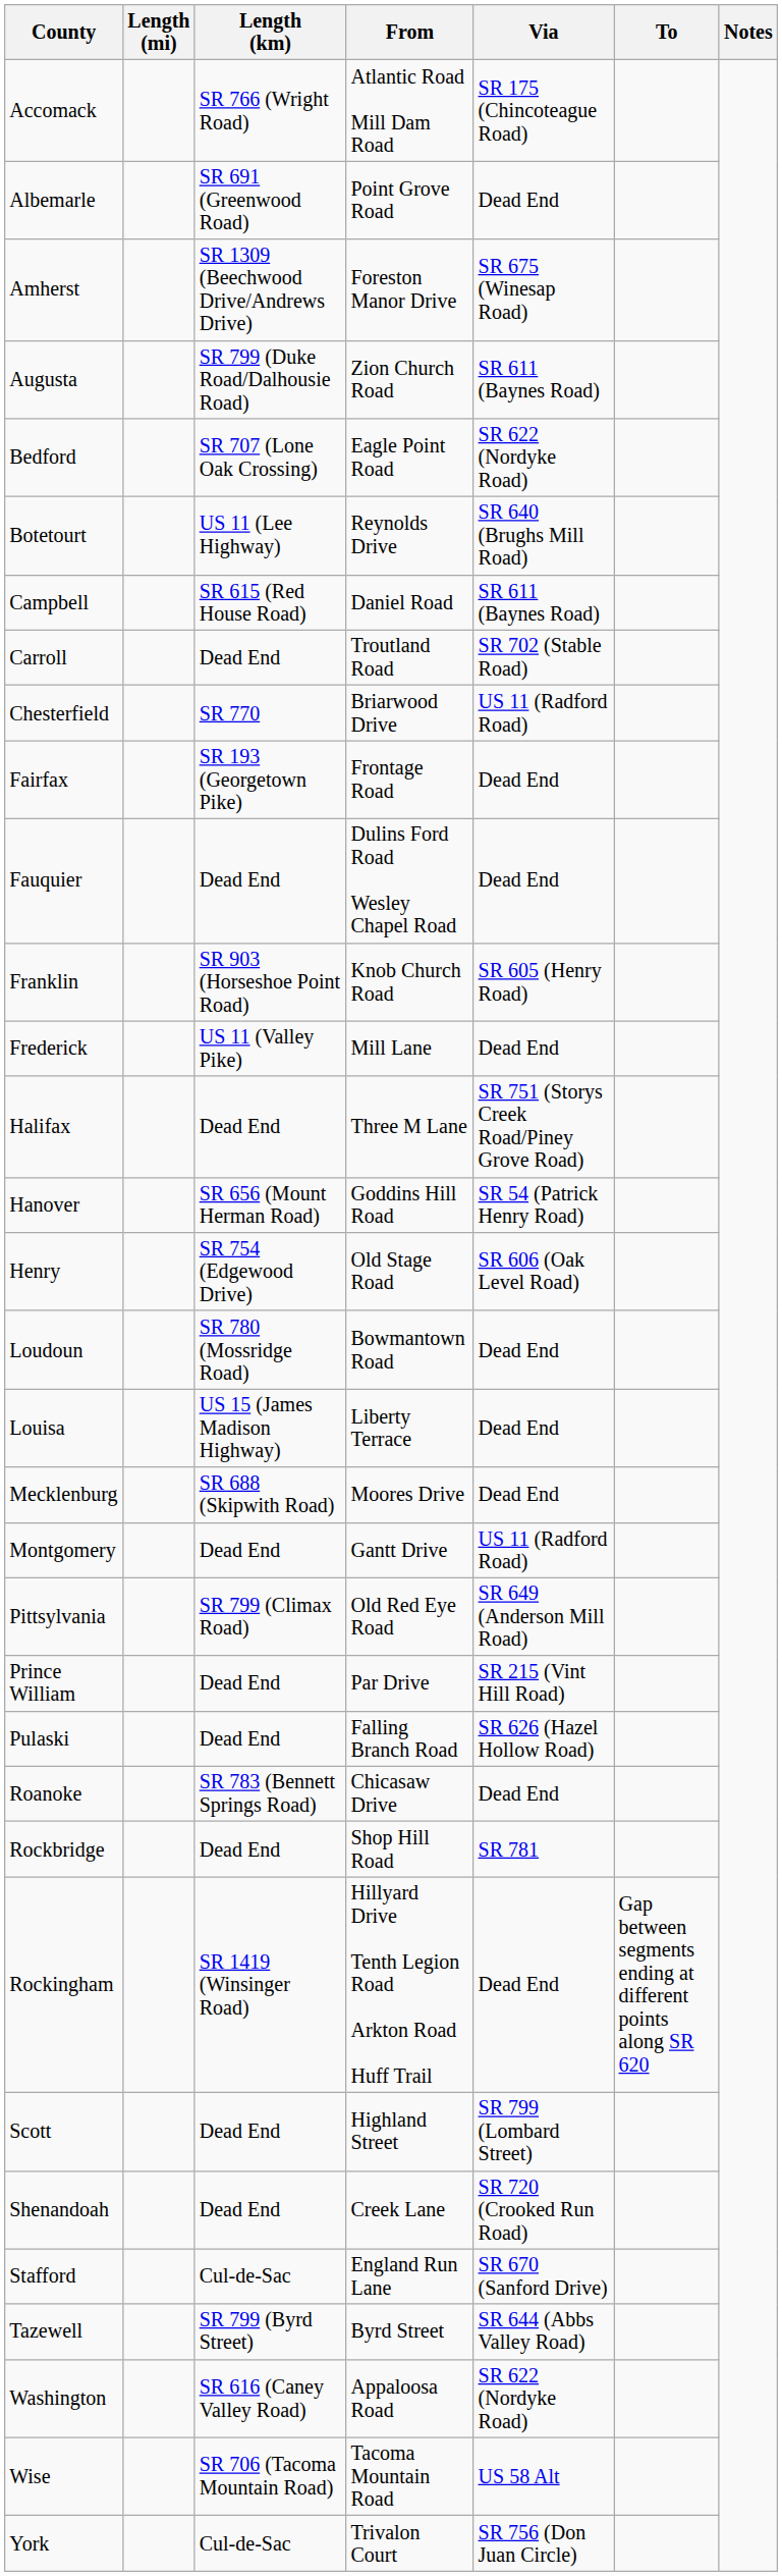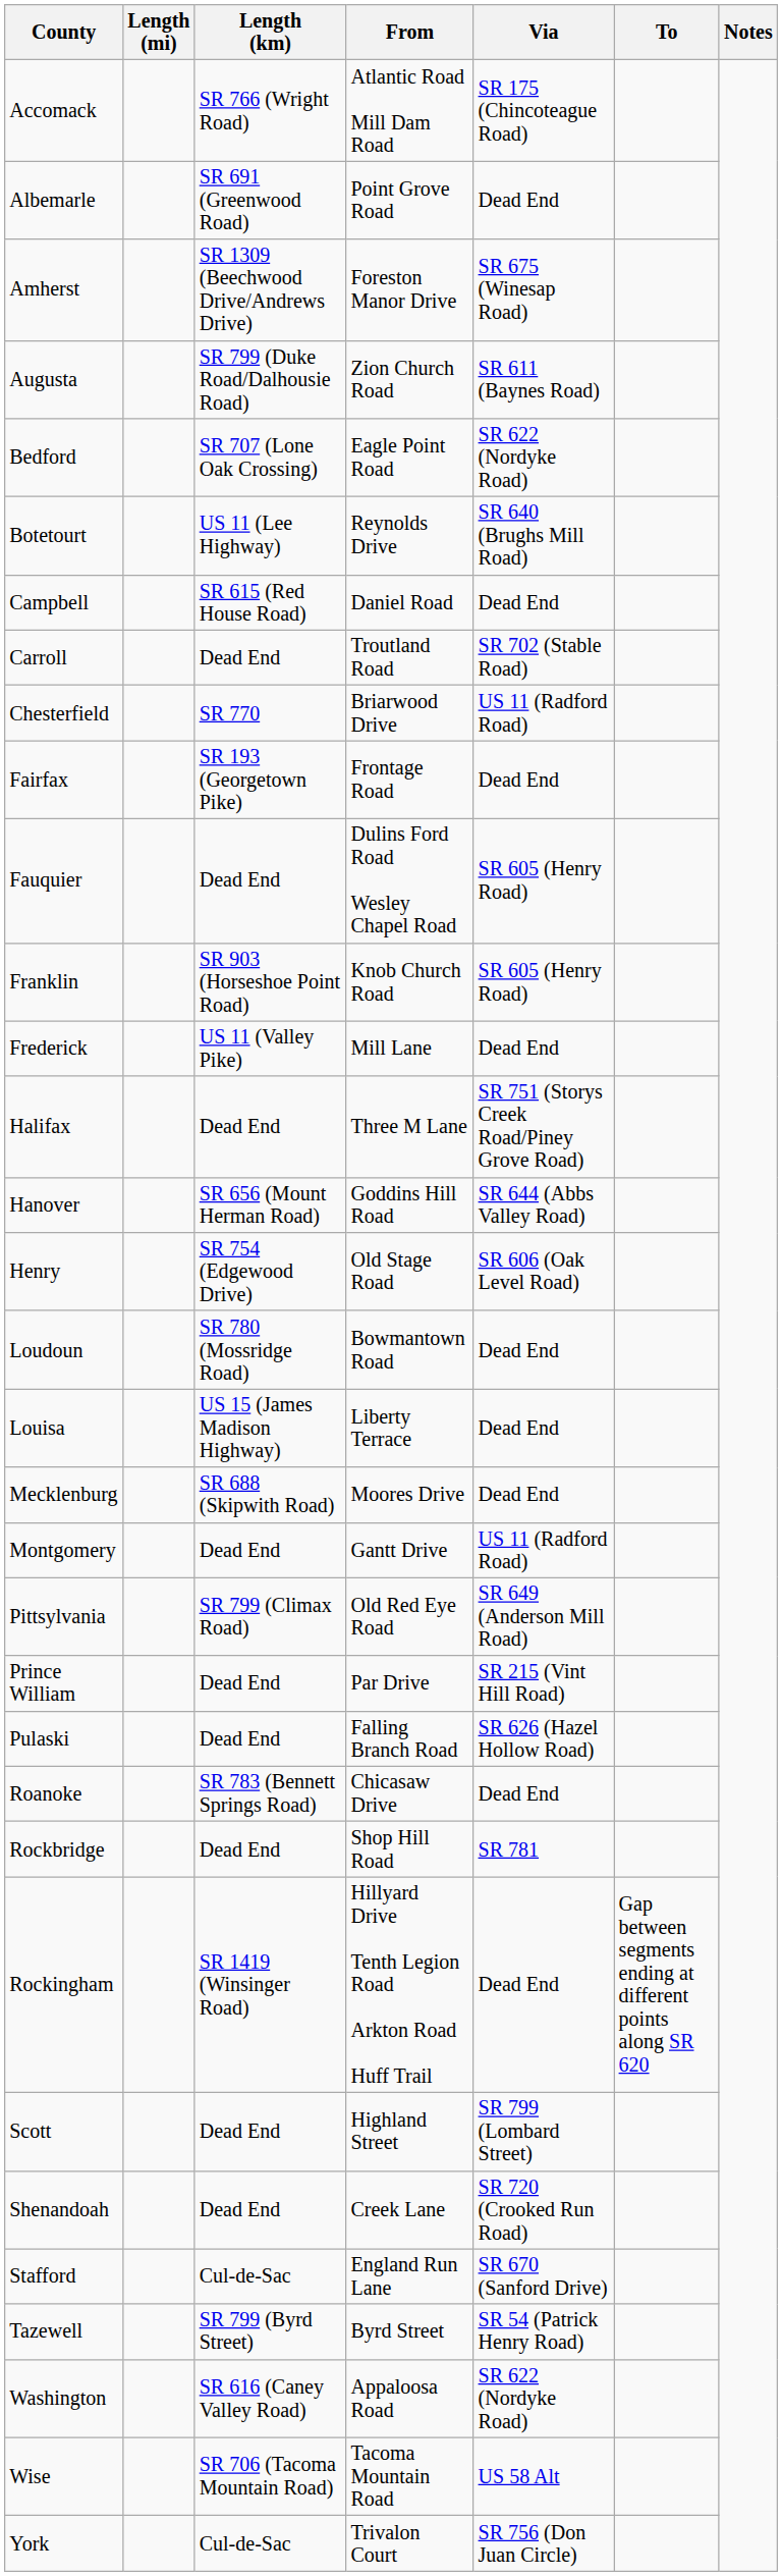 <table class="wikitable sortable">
 <tr>
 <th>County</th>
 <th>Length<br>(mi)</th>
 <th>Length<br>(km)</th>
 <th class="unsortable">From</th>
 <th class="unsortable">Via</th>
 <th class="unsortable">To</th>
 <th class="unsortable">Notes</th>
 </tr>
 <tr>
 <td id="Accomack">Accomack</td>
 <td></td>
 <td><a href='#'>SR 766</a> (Wright Road)</td>
 <td>Atlantic Road<br><br>Mill Dam Road</td>
 <td><a href='#'>SR 175</a> (Chincoteague Road)</td>
 <td></td>
 </tr>
 <tr>
 <td id="Albemarle">Albemarle</td>
 <td></td>
 <td><a href='#'>SR 691</a> (Greenwood Road)</td>
 <td>Point Grove Road</td>
 <td>Dead End</td>
 <td><br> </td>
 </tr>
 <tr>
 <td id="Amherst">Amherst</td>
 <td></td>
 <td><a href='#'>SR 1309</a> (Beechwood Drive/Andrews Drive)</td>
 <td>Foreston Manor Drive</td>
 <td><a href='#'>SR 675</a> (Winesap Road)</td>
 <td><br> </td>
 </tr>
 <tr>
 <td id="Augusta">Augusta</td>
 <td></td>
 <td><a href='#'>SR 799</a> (Duke Road/Dalhousie Road)</td>
 <td>Zion Church Road</td>
 <td><a href='#'>SR 611</a> (Baynes Road)</td>
 <td><br></td>
 </tr>
 <tr>
 <td id="Bedford">Bedford</td>
 <td></td>
 <td><a href='#'>SR 707</a> (Lone Oak Crossing)</td>
 <td>Eagle Point Road</td>
 <td><a href='#'>SR 622</a> (Nordyke Road)</td>
 <td><br></td>
 </tr>
 <tr>
 <td id="Botetourt">Botetourt</td>
 <td></td>
 <td><a href='#'>US 11</a> (Lee Highway)</td>
 <td>Reynolds Drive</td>
 <td><a href='#'>SR 640</a> (Brughs Mill Road)</td>
 <td><br>  </td>
 </tr>
 <tr>
 <td id="Campbell">Campbell</td>
 <td></td>
 <td><a href='#'>SR 615</a> (Red House Road)</td>
 <td>Daniel Road</td>
-<td><a href='#'>SR 611</a> (Baynes Road)</td>
+<td>Dead End</td>
 <td><br></td>
 </tr>
 <tr>
 <td id="Carroll">Carroll</td>
 <td></td>
 <td>Dead End</td>
 <td>Troutland Road</td>
 <td><a href='#'>SR 702</a> (Stable Road)</td>
 <td><br> </td>
 </tr>
 <tr>
 <td id="Chesterfield">Chesterfield</td>
 <td></td>
 <td><a href='#'>SR 770</a></td>
 <td>Briarwood Drive</td>
 <td><a href='#'>US 11</a> (Radford Road)</td>
 <td><br>      </td>
 </tr>
 <tr>
 <td id="Fairfax">Fairfax</td>
 <td></td>
 <td><a href='#'>SR 193</a> (Georgetown Pike)</td>
 <td>Frontage Road</td>
 <td>Dead End</td>
 <td></td>
 </tr>
 <tr>
 <td id="Fauquier">Fauquier</td>
 <td></td>
 <td>Dead End</td>
 <td>Dulins Ford Road<br><br>Wesley Chapel Road</td>
-<td>Dead End</td>
+<td><a href='#'>SR 605</a> (Henry Road)</td>
 <td><br> </td>
 </tr>
 <tr>
 <td id="Franklin">Franklin</td>
 <td></td>
 <td><a href='#'>SR 903</a> (Horseshoe Point Road)</td>
 <td>Knob Church Road</td>
 <td><a href='#'>SR 605</a> (Henry Road)</td>
 <td></td>
 </tr>
 <tr>
 <td id="Frederick">Frederick</td>
 <td></td>
 <td><a href='#'>US 11</a> (Valley Pike)</td>
 <td>Mill Lane</td>
 <td>Dead End</td>
 <td><br>     </td>
 </tr>
 <tr>
 <td id="Halifax">Halifax</td>
 <td></td>
 <td>Dead End</td>
 <td>Three M Lane</td>
 <td><a href='#'>SR 751</a> (Storys Creek Road/Piney Grove Road)</td>
 <td></td>
 </tr>
 <tr>
 <td id="Hanover">Hanover</td>
 <td></td>
 <td><a href='#'>SR 656</a> (Mount Herman Road)</td>
 <td>Goddins Hill Road</td>
-<td><a href='#'>SR 54</a> (Patrick Henry Road)</td>
+<td><a href='#'>SR 644</a> (Abbs Valley Road)</td>
 <td><br></td>
 </tr>
 <tr>
 <td id="Henry">Henry</td>
 <td></td>
 <td><a href='#'>SR 754</a> (Edgewood Drive)</td>
 <td>Old Stage Road</td>
 <td><a href='#'>SR 606</a> (Oak Level Road)</td>
 <td><br>       </td>
 </tr>
 <tr>
 <td id="Loudoun">Loudoun</td>
 <td></td>
 <td><a href='#'>SR 780</a> (Mossridge Road)</td>
 <td>Bowmantown Road</td>
 <td>Dead End</td>
 <td></td>
 </tr>
 <tr>
 <td id="Louisa">Louisa</td>
 <td></td>
 <td><a href='#'>US 15</a> (James Madison Highway)</td>
 <td>Liberty Terrace</td>
 <td>Dead End</td>
 <td><br>  </td>
 </tr>
 <tr>
 <td id="Mecklenburg">Mecklenburg</td>
 <td></td>
 <td><a href='#'>SR 688</a> (Skipwith Road)</td>
 <td>Moores Drive</td>
 <td>Dead End</td>
 <td><br></td>
 </tr>
 <tr>
 <td id="Montgomery">Montgomery</td>
 <td></td>
 <td>Dead End</td>
 <td>Gantt Drive</td>
 <td><a href='#'>US 11</a> (Radford Road)</td>
 <td><br>       </td>
 </tr>
 <tr>
 <td id="Pittsylvania">Pittsylvania</td>
 <td></td>
 <td><a href='#'>SR 799</a> (Climax Road)</td>
 <td>Old Red Eye Road</td>
 <td><a href='#'>SR 649</a> (Anderson Mill Road)</td>
 <td><br>  </td>
 </tr>
 <tr>
 <td id="Prince William">Prince William</td>
 <td></td>
 <td>Dead End</td>
 <td>Par Drive</td>
 <td><a href='#'>SR 215</a> (Vint Hill Road)</td>
 <td></td>
 </tr>
 <tr>
 <td id="Pulaski">Pulaski</td>
 <td></td>
 <td>Dead End</td>
 <td>Falling Branch Road</td>
 <td><a href='#'>SR 626</a> (Hazel Hollow Road)</td>
 <td><br> </td>
 </tr>
 <tr>
 <td id="Roanoke">Roanoke</td>
 <td></td>
 <td><a href='#'>SR 783</a> (Bennett Springs Road)</td>
 <td>Chicasaw Drive</td>
 <td>Dead End</td>
 <td></td>
 </tr>
 <tr>
 <td id="Rockbridge">Rockbridge</td>
 <td></td>
 <td>Dead End</td>
 <td>Shop Hill Road</td>
 <td><a href='#'>SR 781</a></td>
 <td></td>
 </tr>
 <tr>
 <td id="Rockingham">Rockingham</td>
 <td></td>
 <td><a href='#'>SR 1419</a> (Winsinger Road)</td>
 <td>Hillyard Drive<br><br>Tenth Legion Road<br><br>Arkton Road<br><br>Huff Trail</td>
 <td>Dead End</td>
 <td>Gap between segments ending at different points along <a href='#'>SR 620</a><br></td>
 </tr>
 <tr>
 <td id="Scott">Scott</td>
 <td></td>
 <td>Dead End</td>
 <td>Highland Street</td>
 <td><a href='#'>SR 799</a> (Lombard Street)</td>
 <td></td>
 </tr>
 <tr>
 <td id="Shenandoah">Shenandoah</td>
 <td></td>
 <td>Dead End</td>
 <td>Creek Lane</td>
 <td><a href='#'>SR 720</a> (Crooked Run Road)</td>
 <td><br>  </td>
 </tr>
 <tr>
 <td id="Stafford">Stafford</td>
 <td></td>
 <td>Cul-de-Sac</td>
 <td>England Run Lane</td>
 <td><a href='#'>SR 670</a> (Sanford Drive)</td>
 <td><br> </td>
 </tr>
 <tr>
 <td id="Tazewell">Tazewell</td>
 <td></td>
 <td><a href='#'>SR 799</a> (Byrd Street)</td>
 <td>Byrd Street</td>
-<td><a href='#'>SR 644</a> (Abbs Valley Road)</td>
+<td><a href='#'>SR 54</a> (Patrick Henry Road)</td>
 <td><br></td>
 </tr>
 <tr>
 <td id="Washington">Washington</td>
 <td></td>
 <td><a href='#'>SR 616</a> (Caney Valley Road)</td>
 <td>Appaloosa Road</td>
 <td><a href='#'>SR 622</a> (Nordyke Road)</td>
 <td><br></td>
 </tr>
 <tr>
 <td id="Wise">Wise</td>
 <td></td>
 <td><a href='#'>SR 706</a> (Tacoma Mountain Road)</td>
 <td>Tacoma Mountain Road</td>
 <td><a href='#'>US 58 Alt</a></td>
 <td><br></td>
 </tr>
 <tr>
 <td id="York">York</td>
 <td></td>
 <td>Cul-de-Sac</td>
 <td>Trivalon Court</td>
 <td><a href='#'>SR 756</a> (Don Juan Circle)</td>
 <td></td>
 </tr>
 </table>
